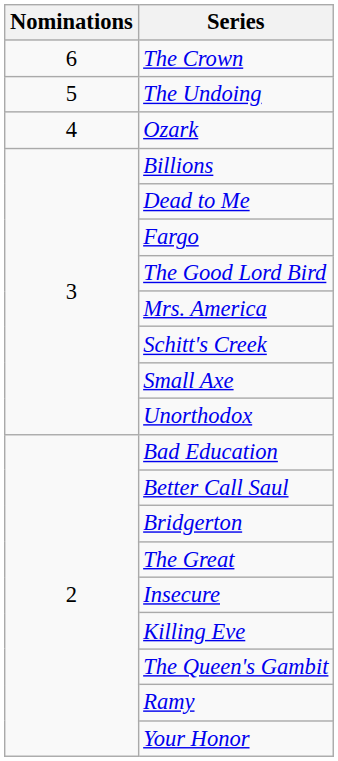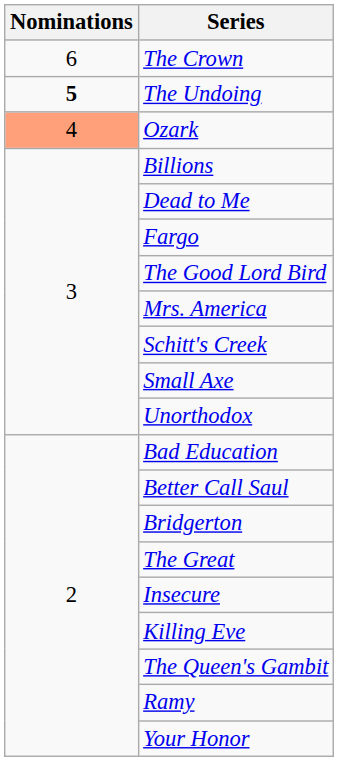 <table class="wikitable">
 <tr>
 <th>Nominations</th>
 <th>Series</th>
 </tr>
 <tr>
 <td style="text-align:center">6</td>
 <td><em><a href='#'>The Crown</a></em></td>
 </tr>
 <tr>
-<td style="text-align:center">5</td>
+<td style="text-align:center"><strong>5</strong></td>
 <td><em><a href='#'>The Undoing</a></em></td>
 </tr>
 <tr>
-<td style="text-align:center">4</td>
+<td style="background: lightsalmon; text-align:center">4</td>
 <td><em><a href='#'>Ozark</a></em></td>
 </tr>
 <tr>
 <td rowspan="8" style="text-align:center">3</td>
 <td><em><a href='#'>Billions</a></em></td>
 </tr>
 <tr>
 <td><em><a href='#'>Dead to Me</a></em></td>
 </tr>
 <tr>
 <td><em><a href='#'>Fargo</a></em></td>
 </tr>
 <tr>
 <td><em><a href='#'>The Good Lord Bird</a></em></td>
 </tr>
 <tr>
 <td><em><a href='#'>Mrs. America</a></em></td>
 </tr>
 <tr>
 <td><em><a href='#'>Schitt's Creek</a></em></td>
 </tr>
 <tr>
 <td><em><a href='#'>Small Axe</a></em></td>
 </tr>
 <tr>
 <td><em><a href='#'>Unorthodox</a></em></td>
 </tr>
 <tr>
 <td rowspan="9" style="text-align:center">2</td>
 <td><em><a href='#'>Bad Education</a></em></td>
 </tr>
 <tr>
 <td><em><a href='#'>Better Call Saul</a></em></td>
 </tr>
 <tr>
 <td><em><a href='#'>Bridgerton</a></em></td>
 </tr>
 <tr>
 <td><em><a href='#'>The Great</a></em></td>
 </tr>
 <tr>
 <td><em><a href='#'>Insecure</a></em></td>
 </tr>
 <tr>
 <td><em><a href='#'>Killing Eve</a></em></td>
 </tr>
 <tr>
 <td><em><a href='#'>The Queen's Gambit</a></em></td>
 </tr>
 <tr>
 <td><em><a href='#'>Ramy</a></em></td>
 </tr>
 <tr>
 <td><em><a href='#'>Your Honor</a></em></td>
 </tr>
 </table>
